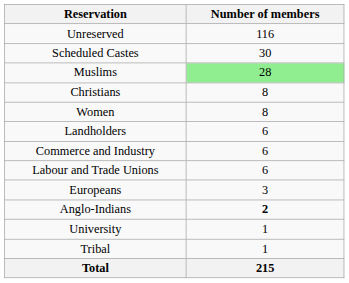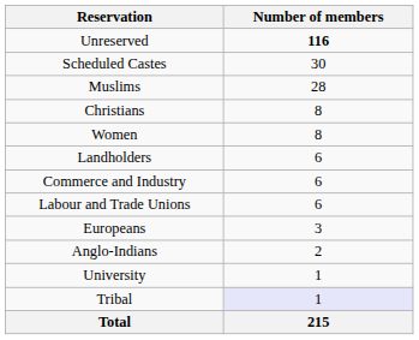 <table class="wikitable" style="width:50%; text-align:center">
 <tr>
 <th>Reservation</th>
 <th>Number of members</th>
 </tr>
 <tr>
 <td>Unreserved</td>
-<td>116</td>
+<td><strong>116</strong></td>
 </tr>
 <tr>
 <td>Scheduled Castes</td>
 <td>30</td>
 </tr>
 <tr>
 <td>Muslims</td>
-<td style="background: lightgreen;">28</td>
+<td>28</td>
 </tr>
 <tr>
 <td>Christians</td>
 <td>8</td>
 </tr>
 <tr>
 <td>Women</td>
 <td>8</td>
 </tr>
 <tr>
 <td>Landholders</td>
 <td>6</td>
 </tr>
 <tr>
 <td>Commerce and Industry</td>
 <td>6</td>
 </tr>
 <tr>
 <td>Labour and Trade Unions</td>
 <td>6</td>
 </tr>
 <tr>
 <td>Europeans</td>
 <td>3</td>
 </tr>
 <tr>
 <td>Anglo-Indians</td>
-<td><strong>2</strong></td>
+<td>2</td>
 </tr>
 <tr>
 <td>University</td>
 <td>1</td>
 </tr>
 <tr>
 <td>Tribal</td>
-<td>1</td>
+<td style="background: lavender;">1</td>
 </tr>
 <tr>
 <th>Total</th>
 <th>215</th>
 </tr>
 </table>
